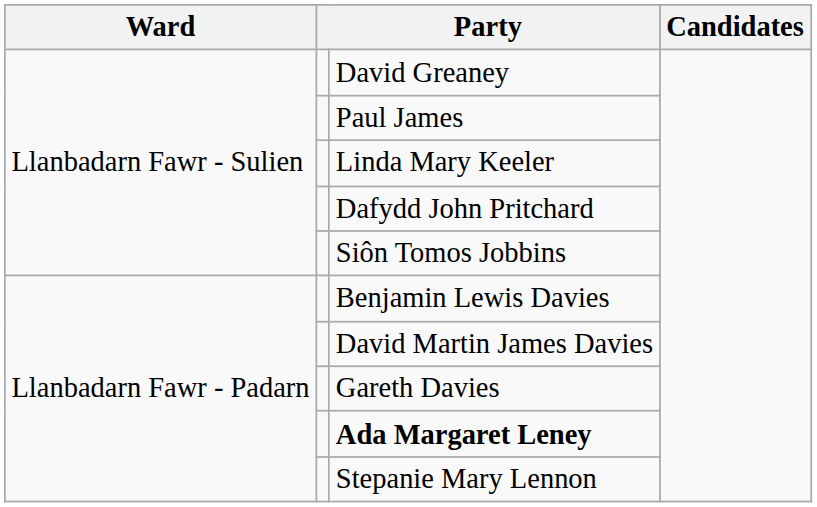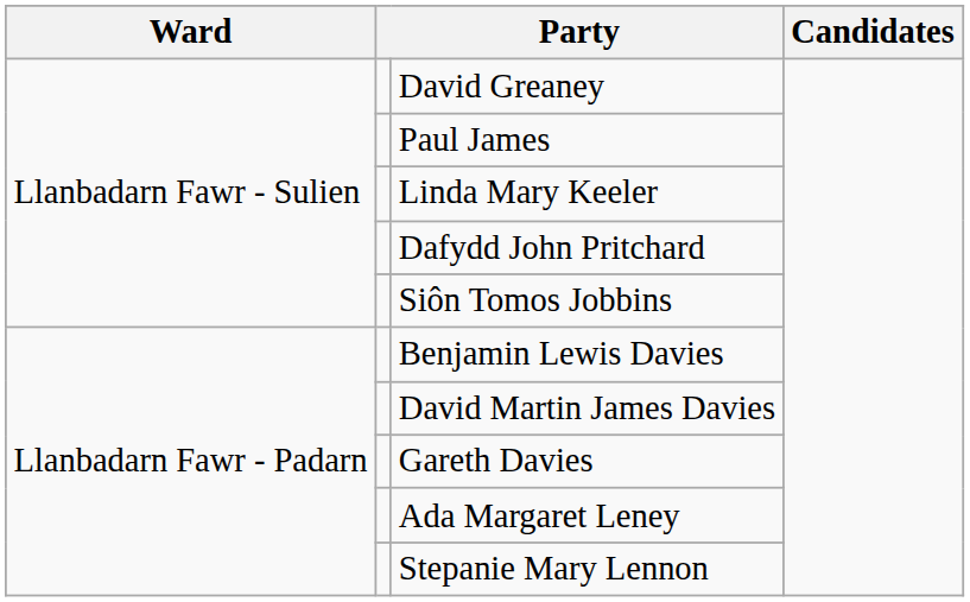 <table class="wikitable">
 <tr>
 <th>Ward</th>
 <th colspan="2">Party</th>
 <th>Candidates</th>
 </tr>
 <tr>
 <td rowspan="5">Llanbadarn Fawr - Sulien</td>
 <td></td>
 <td>David Greaney</td>
 </tr>
 <tr>
 <td></td>
 <td>Paul James</td>
 </tr>
 <tr>
 <td></td>
 <td>Linda Mary Keeler</td>
 </tr>
 <tr>
 <td></td>
 <td>Dafydd John Pritchard</td>
 </tr>
 <tr>
 <td></td>
 <td>Siôn Tomos Jobbins</td>
 </tr>
 <tr>
 <td rowspan="6">Llanbadarn Fawr - Padarn</td>
 <td></td>
 <td>Benjamin Lewis Davies</td>
 </tr>
 <tr>
 <td></td>
 <td>David Martin James Davies</td>
 </tr>
 <tr>
 <td></td>
 <td>Gareth Davies</td>
 </tr>
 <tr>
 <td></td>
-<td><strong>Ada Margaret Leney</strong></td>
+<td>Ada Margaret Leney</td>
 </tr>
 <tr>
 <td></td>
 <td>Stepanie Mary Lennon</td>
 </tr>
 </table>
